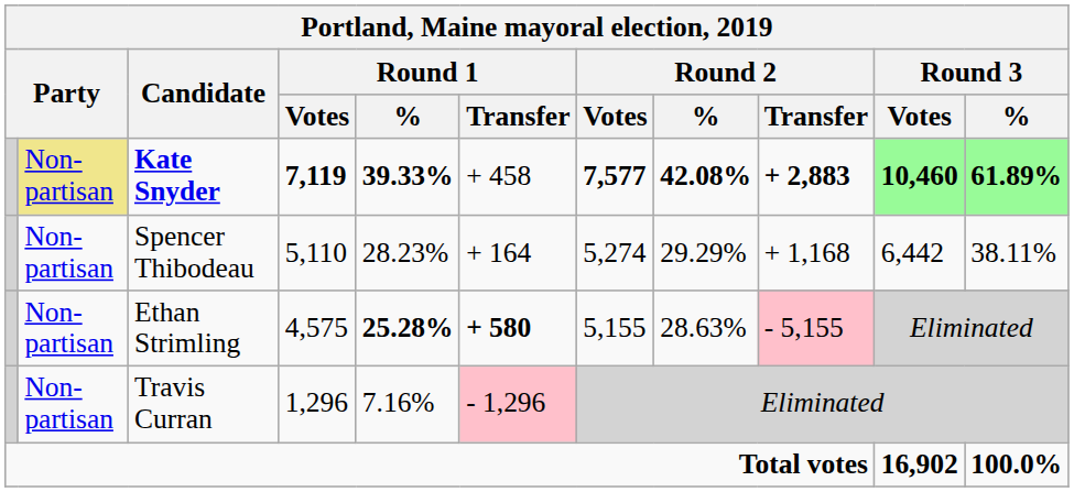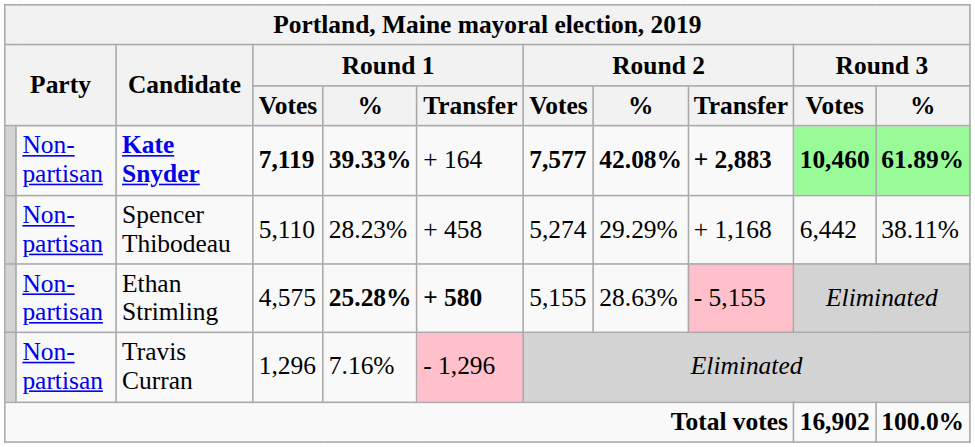 <table class="wikitable">
 <tr>
 <th colspan="11">Portland, Maine mayoral election, 2019</th>
 </tr>
 <tr>
 <th colspan="2" rowspan="2">Party</th>
 <th rowspan="2">Candidate</th>
 <th colspan="3">Round 1</th>
 <th colspan="3">Round 2</th>
 <th colspan="2">Round 3</th>
 </tr>
 <tr>
 <th>Votes</th>
 <th>%</th>
 <th>Transfer</th>
 <th>Votes</th>
 <th>%</th>
 <th>Transfer</th>
 <th>Votes</th>
 <th>%</th>
 </tr>
 <tr>
 <td style="background: LightGray"></td>
-<td style="background: khaki;"><a href='#'>Non-partisan</a></td>
+<td><a href='#'>Non-partisan</a></td>
 <td><strong><a href='#'>Kate Snyder</a></strong></td>
 <td><strong>7,119</strong></td>
 <td><strong>39.33%</strong></td>
-<td>+ 458</td>
+<td>+ 164</td>
 <td><strong>7,577</strong></td>
 <td><strong>42.08%</strong></td>
 <td><strong> + 2,883</strong></td>
 <td BGCOLOR=PaleGreen><strong>10,460</strong></td>
 <td BGCOLOR=PaleGreen><strong>61.89%</strong></td>
 </tr>
 <tr>
 <td style="background: LightGray"></td>
 <td><a href='#'>Non-partisan</a></td>
 <td>Spencer Thibodeau</td>
 <td>5,110</td>
 <td>28.23%</td>
-<td>+ 164</td>
+<td>+ 458</td>
 <td>5,274</td>
 <td>29.29%</td>
 <td>+ 1,168</td>
 <td>6,442</td>
 <td>38.11%</td>
 </tr>
 <tr>
 <td style="background: LightGray"></td>
 <td><a href='#'>Non-partisan</a></td>
 <td>Ethan Strimling</td>
 <td>4,575</td>
 <td><strong>25.28%</strong></td>
 <td><strong>+ 580</strong></td>
 <td>5,155</td>
 <td>28.63%</td>
 <td BGCOLOR=pink>- 5,155</td>
 <td colspan="2" bgcolor="lightgray" align="center"><em>Eliminated</em></td>
 </tr>
 <tr>
 <td style="background: LightGray"></td>
 <td><a href='#'>Non-partisan</a></td>
 <td>Travis Curran</td>
 <td>1,296</td>
 <td>7.16%</td>
 <td BGCOLOR=pink>- 1,296</td>
 <td colspan="5" bgcolor="lightgray" align="center"><em>Eliminated</em></td>
 </tr>
 <tr>
 <td colspan="9" align="right"><strong>Total votes</strong></td>
 <td><strong>16,902</strong></td>
 <td><strong>100.0%</strong></td>
 </tr>
 </table>
